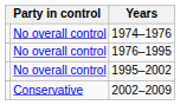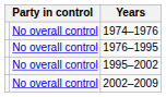 <table class="wikitable">
 <tr>
 <th colspan="2">Party in control</th>
 <th>Years</th>
 </tr>
 <tr>
 <td style="background-color: "></td>
 <td><a href='#'>No overall control</a></td>
 <td>1974–1976</td>
 </tr>
 <tr>
 <td style="background-color: "></td>
 <td><a href='#'>No overall control</a></td>
 <td>1976–1995</td>
 </tr>
 <tr>
 <td style="background-color: "></td>
 <td><a href='#'>No overall control</a></td>
 <td>1995–2002</td>
 </tr>
 <tr>
 <td style="background-color: "></td>
-<td><a href='#'>Conservative</a></td>
+<td><a href='#'>No overall control</a></td>
 <td>2002–2009</td>
 </tr>
 </table>
